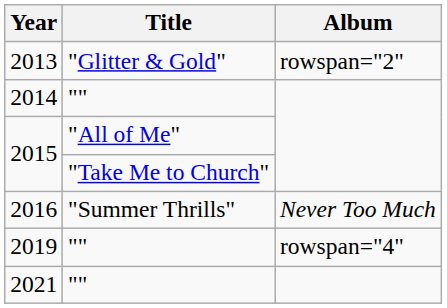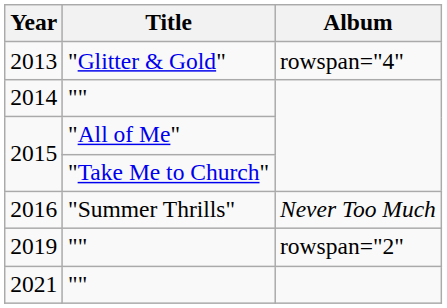 <table class="wikitable">
 <tr>
 <th scope="col" rowspan="1">Year</th>
 <th scope="col" rowspan="1">Title</th>
 <th scope="col" rowspan="1">Album</th>
 </tr>
 <tr>
 <td>2013</td>
 <td scope="row">"<a href='#'>Glitter & Gold</a>"</td>
-<td>rowspan="2" </td>
+<td>rowspan="4" </td>
 </tr>
 <tr>
 <td>2014</td>
 <td>""</td>
 </tr>
 <tr>
 <td rowspan="2">2015</td>
 <td>"<a href='#'>All of Me</a>"</td>
 </tr>
 <tr>
 <td>"<a href='#'>Take Me to Church</a>"</td>
 </tr>
 <tr>
 <td>2016</td>
 <td>"Summer Thrills"</td>
 <td><em>Never Too Much</em></td>
 </tr>
 <tr>
 <td>2019</td>
 <td>""</td>
-<td>rowspan="4" </td>
+<td>rowspan="2" </td>
 </tr>
 <tr>
 <td>2021</td>
 <td>""</td>
 </tr>
 </table>
